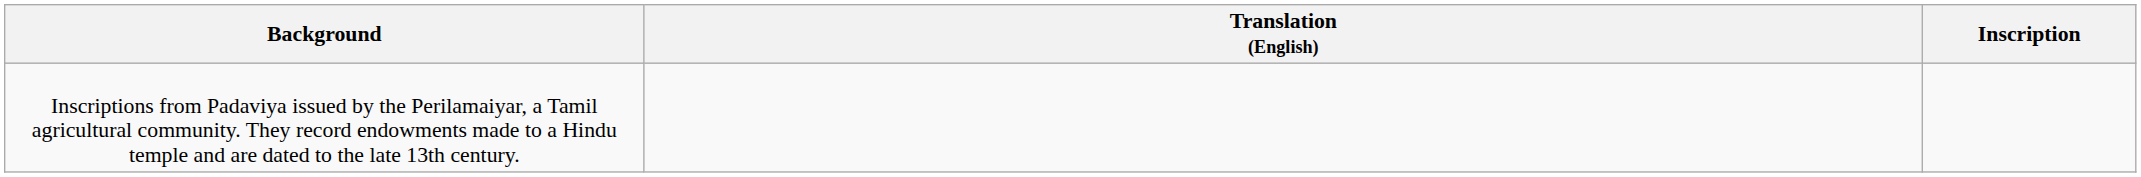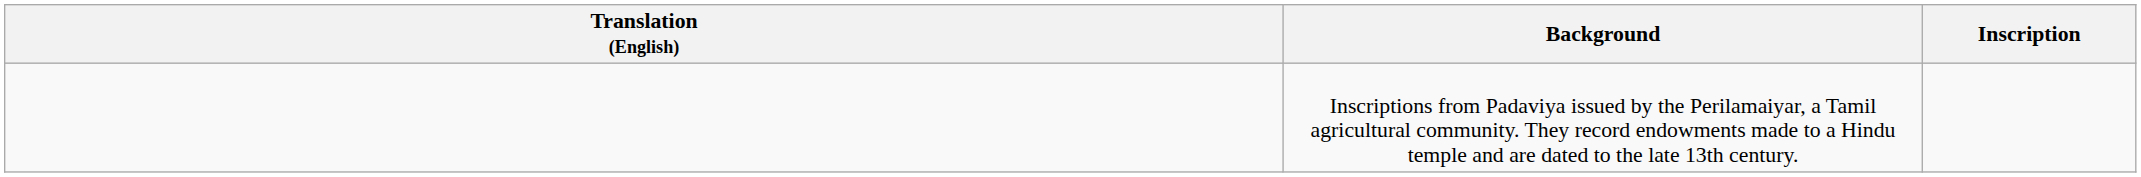 <table class="wikitable centre">
 <tr>
+<th>Translation<br><small>(English)</small></th>
 <th scope="col" align=left>Background<br></th>
-<th>Translation<br><small>(English)</small></th>
 <th>Inscription<br></th>
 </tr>
 <tr>
+<td align=left><br></td>
 <td align=center width="30%"><br>Inscriptions from Padaviya issued by the Perilamaiyar, a Tamil agricultural community. They record endowments made to a Hindu temple and are dated to the late 13th century.</td>
-<td align=left><br></td>
 <td align=center width="10%"><br></td>
 </tr>
 </table>
